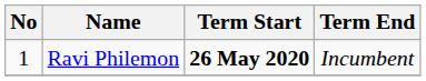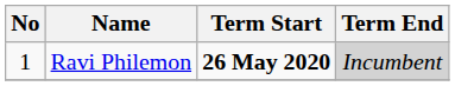 <table class="wikitable" style="text-align:center;">
 <tr>
 <th>No</th>
 <th>Name</th>
 <th>Term Start</th>
 <th>Term End</th>
 </tr>
 <tr>
 <td>1</td>
 <td><a href='#'>Ravi Philemon</a></td>
 <td><strong>26 May 2020</strong></td>
-<td><em>Incumbent</em></td>
+<td style="background: lightgrey;"><em>Incumbent</em></td>
 </tr>
 <tr>
 </tr>
 </table>
